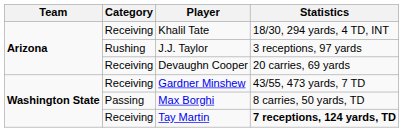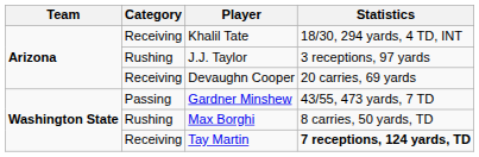 <table class="wikitable" style="float: right;">
 <tr>
 <th>Team</th>
 <th>Category</th>
 <th>Player</th>
 <th>Statistics</th>
 </tr>
 <tr>
 <td rowspan=3><strong>Arizona</strong></td>
 <td>Receiving</td>
 <td>Khalil Tate</td>
 <td>18/30, 294 yards, 4 TD, INT</td>
 </tr>
 <tr>
 <td>Rushing</td>
 <td>J.J. Taylor</td>
 <td>3 receptions, 97 yards</td>
 </tr>
 <tr>
 <td>Receiving</td>
 <td>Devaughn Cooper</td>
 <td>20 carries, 69 yards</td>
 </tr>
 <tr>
 <td rowspan=3><strong>Washington State</strong></td>
-<td>Receiving</td>
+<td>Passing</td>
 <td><a href='#'>Gardner Minshew</a></td>
 <td>43/55, 473 yards, 7 TD</td>
 </tr>
 <tr>
-<td>Passing</td>
+<td>Rushing</td>
 <td><a href='#'>Max Borghi</a></td>
 <td>8 carries, 50 yards, TD</td>
 </tr>
 <tr>
 <td>Receiving</td>
 <td><a href='#'>Tay Martin</a></td>
 <td><strong>7 receptions, 124 yards, TD</strong></td>
 </tr>
 </table>
